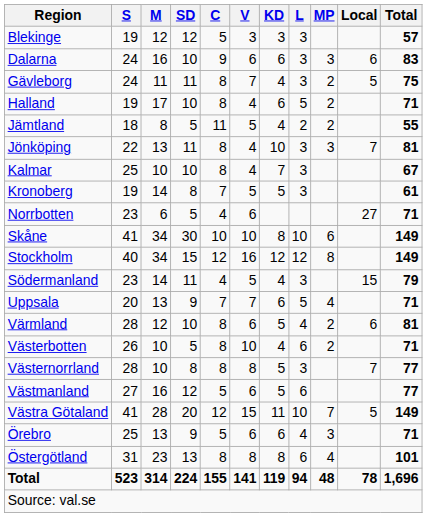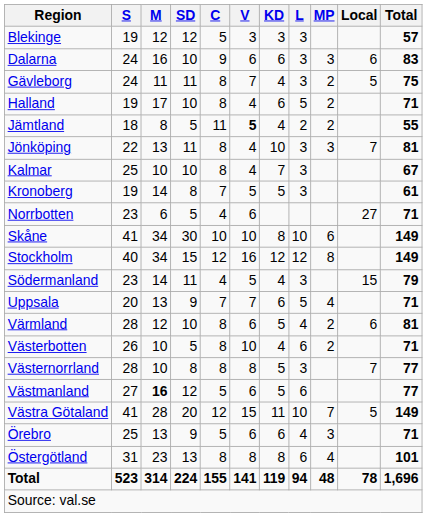 <table class="wikitable sortable" style=text-align:right>
 <tr>
 <th>Region</th>
 <th><a href='#'>S</a></th>
 <th><a href='#'>M</a></th>
 <th><a href='#'>SD</a></th>
 <th><a href='#'>C</a></th>
 <th><a href='#'>V</a></th>
 <th><a href='#'>KD</a></th>
 <th><a href='#'>L</a></th>
 <th><a href='#'>MP</a></th>
 <th>Local</th>
 <th>Total</th>
 </tr>
 <tr>
 <td align=left><a href='#'>Blekinge</a></td>
 <td>19</td>
 <td>12</td>
 <td>12</td>
 <td>5</td>
 <td>3</td>
 <td>3</td>
 <td>3</td>
 <td></td>
 <td></td>
 <td><strong>57</strong></td>
 </tr>
 <tr>
 <td align=left><a href='#'>Dalarna</a></td>
 <td>24</td>
 <td>16</td>
 <td>10</td>
 <td>9</td>
 <td>6</td>
 <td>6</td>
 <td>3</td>
 <td>3</td>
 <td>6</td>
 <td><strong>83</strong></td>
 </tr>
 <tr>
 <td align=left><a href='#'>Gävleborg</a></td>
 <td>24</td>
 <td>11</td>
 <td>11</td>
 <td>8</td>
 <td>7</td>
 <td>4</td>
 <td>3</td>
 <td>2</td>
 <td>5</td>
 <td><strong>75</strong></td>
 </tr>
 <tr>
 <td align=left><a href='#'>Halland</a></td>
 <td>19</td>
 <td>17</td>
 <td>10</td>
 <td>8</td>
 <td>4</td>
 <td>6</td>
 <td>5</td>
 <td>2</td>
 <td></td>
 <td><strong>71</strong></td>
 </tr>
 <tr>
 <td align=left><a href='#'>Jämtland</a></td>
 <td>18</td>
 <td>8</td>
 <td>5</td>
 <td>11</td>
-<td>5</td>
+<td><strong>5</strong></td>
 <td>4</td>
 <td>2</td>
 <td>2</td>
 <td></td>
 <td><strong>55</strong></td>
 </tr>
 <tr>
 <td align=left><a href='#'>Jönköping</a></td>
 <td>22</td>
 <td>13</td>
 <td>11</td>
 <td>8</td>
 <td>4</td>
 <td>10</td>
 <td>3</td>
 <td>3</td>
 <td>7</td>
 <td><strong>81</strong></td>
 </tr>
 <tr>
 <td align=left><a href='#'>Kalmar</a></td>
 <td>25</td>
 <td>10</td>
 <td>10</td>
 <td>8</td>
 <td>4</td>
 <td>7</td>
 <td>3</td>
 <td></td>
 <td></td>
 <td><strong>67</strong></td>
 </tr>
 <tr>
 <td align=left><a href='#'>Kronoberg</a></td>
 <td>19</td>
 <td>14</td>
 <td>8</td>
 <td>7</td>
 <td>5</td>
 <td>5</td>
 <td>3</td>
 <td></td>
 <td></td>
 <td><strong>61</strong></td>
 </tr>
 <tr>
 <td align=left><a href='#'>Norrbotten</a></td>
 <td>23</td>
 <td>6</td>
 <td>5</td>
 <td>4</td>
 <td>6</td>
 <td></td>
 <td></td>
 <td></td>
 <td>27</td>
 <td><strong>71</strong></td>
 </tr>
 <tr>
 <td align=left><a href='#'>Skåne</a></td>
 <td>41</td>
 <td>34</td>
 <td>30</td>
 <td>10</td>
 <td>10</td>
 <td>8</td>
 <td>10</td>
 <td>6</td>
 <td></td>
 <td><strong>149</strong></td>
 </tr>
 <tr>
 <td align=left><a href='#'>Stockholm</a></td>
 <td>40</td>
 <td>34</td>
 <td>15</td>
 <td>12</td>
 <td>16</td>
 <td>12</td>
 <td>12</td>
 <td>8</td>
 <td></td>
 <td><strong>149</strong></td>
 </tr>
 <tr>
 <td align=left><a href='#'>Södermanland</a></td>
 <td>23</td>
 <td>14</td>
 <td>11</td>
 <td>4</td>
 <td>5</td>
 <td>4</td>
 <td>3</td>
 <td></td>
 <td>15</td>
 <td><strong>79</strong></td>
 </tr>
 <tr>
 <td align=left><a href='#'>Uppsala</a></td>
 <td>20</td>
 <td>13</td>
 <td>9</td>
 <td>7</td>
 <td>7</td>
 <td>6</td>
 <td>5</td>
 <td>4</td>
 <td></td>
 <td><strong>71</strong></td>
 </tr>
 <tr>
 <td align=left><a href='#'>Värmland</a></td>
 <td>28</td>
 <td>12</td>
 <td>10</td>
 <td>8</td>
 <td>6</td>
 <td>5</td>
 <td>4</td>
 <td>2</td>
 <td>6</td>
 <td><strong>81</strong></td>
 </tr>
 <tr>
 <td align=left><a href='#'>Västerbotten</a></td>
 <td>26</td>
 <td>10</td>
 <td>5</td>
 <td>8</td>
 <td>10</td>
 <td>4</td>
 <td>6</td>
 <td>2</td>
 <td></td>
 <td><strong>71</strong></td>
 </tr>
 <tr>
 <td align=left><a href='#'>Västernorrland</a></td>
 <td>28</td>
 <td>10</td>
 <td>8</td>
 <td>8</td>
 <td>8</td>
 <td>5</td>
 <td>3</td>
 <td></td>
 <td>7</td>
 <td><strong>77</strong></td>
 </tr>
 <tr>
 <td align=left><a href='#'>Västmanland</a></td>
 <td>27</td>
-<td>16</td>
+<td><strong>16</strong></td>
 <td>12</td>
 <td>5</td>
 <td>6</td>
 <td>5</td>
 <td>6</td>
 <td></td>
 <td></td>
 <td><strong>77</strong></td>
 </tr>
 <tr>
 <td align=left><a href='#'>Västra Götaland</a></td>
 <td>41</td>
 <td>28</td>
 <td>20</td>
 <td>12</td>
 <td>15</td>
 <td>11</td>
 <td>10</td>
 <td>7</td>
 <td>5</td>
 <td><strong>149</strong></td>
 </tr>
 <tr>
 <td align=left><a href='#'>Örebro</a></td>
 <td>25</td>
 <td>13</td>
 <td>9</td>
 <td>5</td>
 <td>6</td>
 <td>6</td>
 <td>4</td>
 <td>3</td>
 <td></td>
 <td><strong>71</strong></td>
 </tr>
 <tr>
 <td align=left><a href='#'>Östergötland</a></td>
 <td>31</td>
 <td>23</td>
 <td>13</td>
 <td>8</td>
 <td>8</td>
 <td>8</td>
 <td>6</td>
 <td>4</td>
 <td></td>
 <td><strong>101</strong></td>
 </tr>
 <tr>
 <td align=left><strong>Total</strong></td>
 <td><strong>523</strong></td>
 <td><strong>314</strong></td>
 <td><strong>224</strong></td>
 <td><strong>155</strong></td>
 <td><strong>141</strong></td>
 <td><strong>119</strong></td>
 <td><strong>94</strong></td>
 <td><strong>48</strong></td>
 <td><strong>78</strong></td>
 <td><strong>1,696</strong></td>
 </tr>
 <tr>
 <td align=left colspan=11>Source: val.se</td>
 </tr>
 </table>
